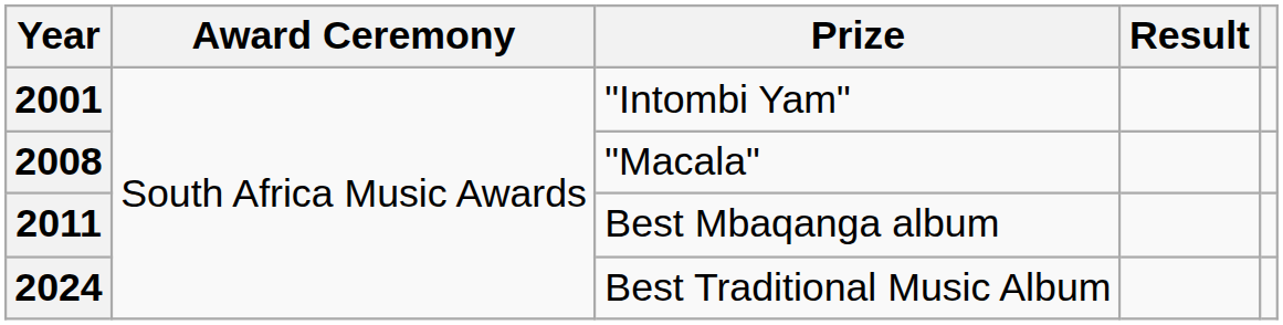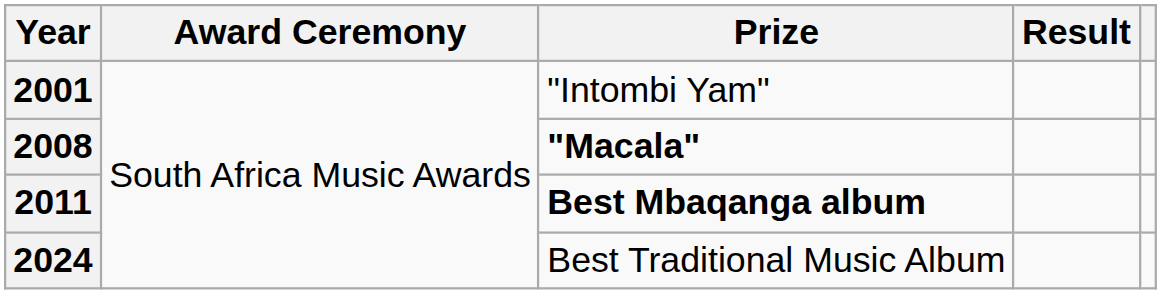 <table class="wikitable">
 <tr>
 <th>Year</th>
 <th>Award Ceremony</th>
 <th>Prize</th>
 <th>Result</th>
 <th></th>
 </tr>
 <tr>
 <th>2001</th>
 <td rowspan="4">South Africa Music Awards</td>
 <td>"Intombi Yam"</td>
 <td></td>
 <td></td>
 </tr>
 <tr>
 <th>2008</th>
-<td>"Macala"</td>
+<td><strong>"Macala"</strong></td>
 <td></td>
 <td></td>
 </tr>
 <tr>
 <th>2011</th>
-<td>Best Mbaqanga album</td>
+<td><strong>Best Mbaqanga album</strong></td>
 <td></td>
 <td></td>
 </tr>
 <tr>
 <th>2024</th>
 <td>Best Traditional Music Album</td>
 <td></td>
 <td></td>
 </tr>
 </table>
